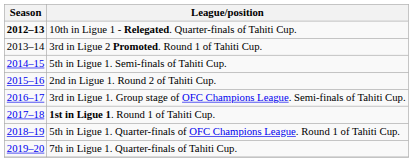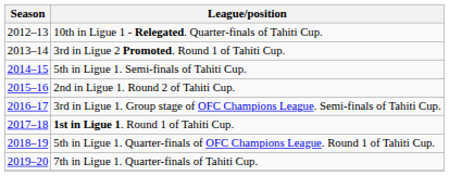 <table class="wikitable sortable">
 <tr>
 <th>Season</th>
 <th>League/position</th>
 </tr>
 <tr>
-<td><strong>2012–13</strong></td>
+<td>2012–13</td>
 <td>10th in Ligue 1 - <strong>Relegated</strong>. Quarter-finals of Tahiti Cup.</td>
 </tr>
 <tr>
 <td>2013–14</td>
 <td>3rd in Ligue 2 <strong>Promoted</strong>. Round 1 of Tahiti Cup.</td>
 </tr>
 <tr>
 <td><a href='#'>2014–15</a></td>
 <td>5th in Ligue 1. Semi-finals of Tahiti Cup.</td>
 </tr>
 <tr>
 <td><a href='#'>2015–16</a></td>
 <td>2nd in Ligue 1. Round 2 of Tahiti Cup.</td>
 </tr>
 <tr>
 <td><a href='#'>2016–17</a></td>
 <td>3rd in Ligue 1. Group stage of <a href='#'>OFC Champions League</a>. Semi-finals of Tahiti Cup.</td>
 </tr>
 <tr>
 <td><a href='#'>2017–18</a></td>
 <td><strong>1st in Ligue 1</strong>. Round 1 of Tahiti Cup.</td>
 </tr>
 <tr>
 <td><a href='#'>2018–19</a></td>
 <td>5th in Ligue 1. Quarter-finals of <a href='#'>OFC Champions League</a>. Round 1 of Tahiti Cup.</td>
 </tr>
 <tr>
 <td><a href='#'>2019–20</a></td>
 <td>7th in Ligue 1. Quarter-finals of Tahiti Cup.</td>
 </tr>
 <tr>
 </tr>
 </table>
